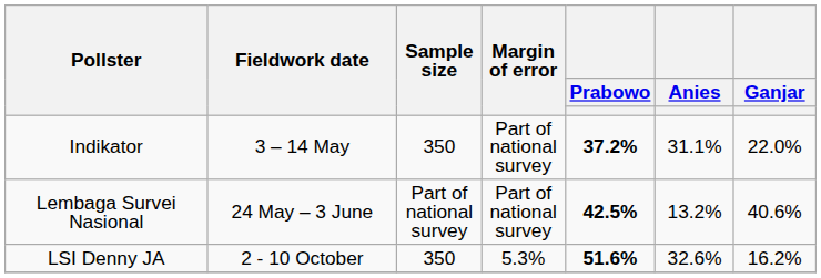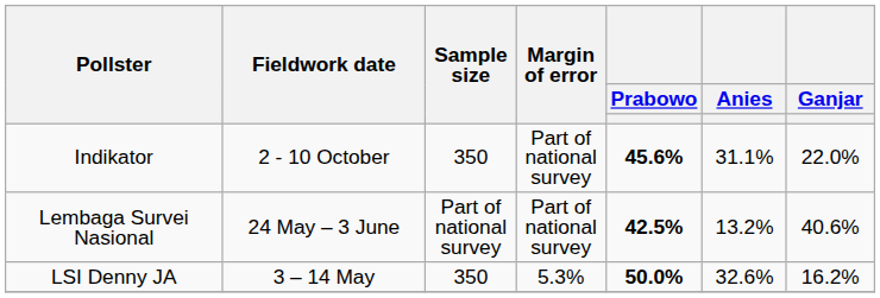 <table class="wikitable" style="text-align:center; font-size:90%; line-height:14px;">
 <tr style="height:55px; background-color:#E9E9E9">
 <th rowspan="3" style="width:200px;">Pollster</th>
 <th rowspan="3" style="width:180px;">Fieldwork date</th>
 <th rowspan="3" style="width:60px;">Sample size</th>
 <th rowspan="3" style="width:60px;">Margin of error</th>
 <th style="width:60px;"></th>
 <th style="width:60px;"></th>
 <th style="width:60px;"></th>
 </tr>
 <tr>
 <th><a href='#'>Prabowo</a> <br></th>
 <th><a href='#'>Anies</a> <br></th>
 <th><a href='#'>Ganjar</a> <br></th>
 </tr>
 <tr>
 <th class="unsortable" style="color:inherit;background:"></th>
 <th class="unsortable" style="color:inherit;background:"></th>
 <th class="unsortable" style="color:inherit;background:"></th>
 </tr>
 <tr>
 <td>Indikator</td>
-<td>3 – 14 May</td>
+<td>2 - 10 October</td>
 <td>350</td>
 <td>Part of national survey</td>
-<td style="background-color:#"><strong>37.2%</strong> </td>
+<td style="background-color:#"><strong>45.6%</strong> </td>
 <td>31.1% </td>
 <td>22.0% </td>
 </tr>
 <tr>
 <td>Lembaga Survei Nasional</td>
 <td>24 May – 3 June</td>
 <td>Part of national survey</td>
 <td>Part of national survey</td>
 <td style="background-color:#"><strong>42.5%</strong> </td>
 <td>13.2% </td>
 <td>40.6% </td>
 </tr>
 <tr>
 <td>LSI Denny JA</td>
-<td>2 - 10 October</td>
+<td>3 – 14 May</td>
 <td>350</td>
 <td>5.3%</td>
-<td style="background-color:#"><strong>51.6%</strong></td>
+<td style="background-color:#"><strong>50.0%</strong></td>
 <td>32.6%</td>
 <td>16.2%</td>
 </tr>
 <tr>
 </tr>
 </table>
